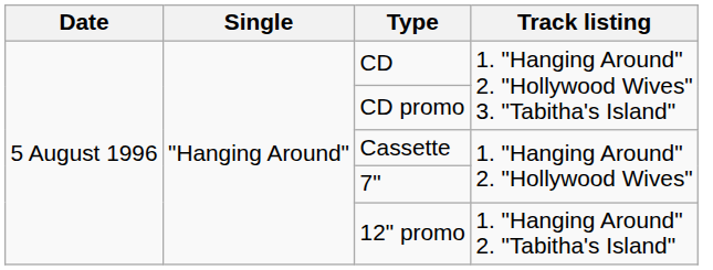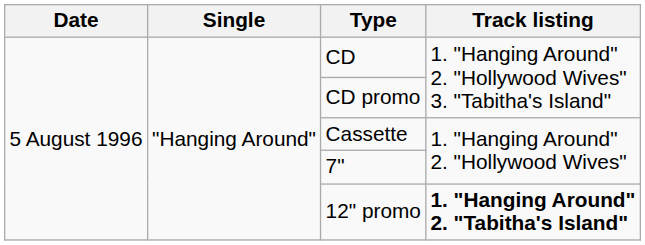 <table class="wikitable">
 <tr>
 <th>Date</th>
 <th>Single</th>
 <th>Type</th>
 <th>Track listing</th>
 </tr>
 <tr>
 <td rowspan="5">5 August 1996</td>
 <td rowspan="5">"Hanging Around"</td>
 <td>CD</td>
 <td rowspan="2">1. "Hanging Around"<br>2. "Hollywood Wives"<br>3. "Tabitha's Island"</td>
 </tr>
 <tr>
 <td>CD promo</td>
 </tr>
 <tr>
 <td>Cassette</td>
 <td rowspan="2">1. "Hanging Around"<br>2. "Hollywood Wives"</td>
 </tr>
 <tr>
 <td>7"</td>
 </tr>
 <tr>
 <td>12" promo</td>
-<td>1. "Hanging Around"<br>2. "Tabitha's Island"</td>
+<td><strong>1. "Hanging Around"<br>2. "Tabitha's Island"</strong></td>
 </tr>
 </table>
